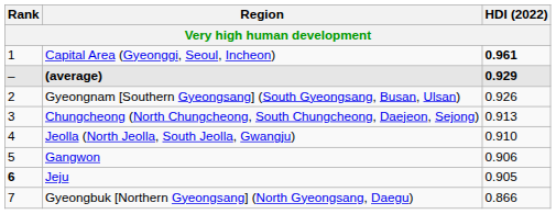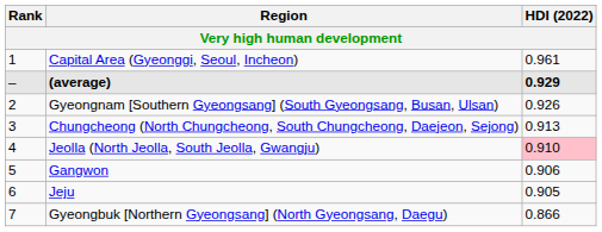 <table class="wikitable sortable">
 <tr>
 <th>Rank</th>
 <th>Region</th>
 <th>HDI (2022)</th>
 </tr>
 <tr>
 <th colspan="3" style="color:#090;">Very high human development</th>
 </tr>
 <tr>
 <td>1</td>
 <td><a href='#'>Capital Area</a> (<a href='#'>Gyeonggi</a>, <a href='#'>Seoul</a>, <a href='#'>Incheon</a>)</td>
-<td><strong>0.961</strong></td>
+<td>0.961</td>
 </tr>
 <tr style="background:#e6e6e6">
 <td>–</td>
 <td><strong> (average)</strong></td>
 <td><strong>0.929</strong></td>
 </tr>
 <tr>
 <td>2</td>
 <td>Gyeongnam [Southern <a href='#'>Gyeongsang</a>] (<a href='#'>South Gyeongsang</a>, <a href='#'>Busan</a>, <a href='#'>Ulsan</a>)</td>
 <td>0.926</td>
 </tr>
 <tr>
 <td>3</td>
 <td><a href='#'>Chungcheong</a> (<a href='#'>North Chungcheong</a>, <a href='#'>South Chungcheong</a>, <a href='#'>Daejeon</a>, <a href='#'>Sejong</a>)</td>
 <td>0.913</td>
 </tr>
 <tr>
 <td>4</td>
 <td><a href='#'>Jeolla</a> (<a href='#'>North Jeolla</a>, <a href='#'>South Jeolla</a>, <a href='#'>Gwangju</a>)</td>
-<td>0.910</td>
+<td style="background: pink;">0.910</td>
 </tr>
 <tr>
 <td>5</td>
 <td><a href='#'>Gangwon</a></td>
 <td>0.906</td>
 </tr>
 <tr>
-<td><strong>6</strong></td>
+<td>6</td>
 <td><a href='#'>Jeju</a></td>
 <td>0.905</td>
 </tr>
 <tr>
 <td>7</td>
 <td>Gyeongbuk [Northern <a href='#'>Gyeongsang</a>] (<a href='#'>North Gyeongsang</a>, <a href='#'>Daegu</a>)</td>
 <td>0.866</td>
 </tr>
 </table>
